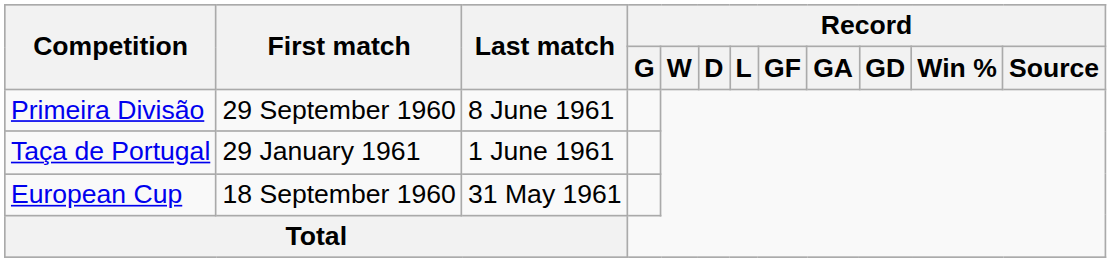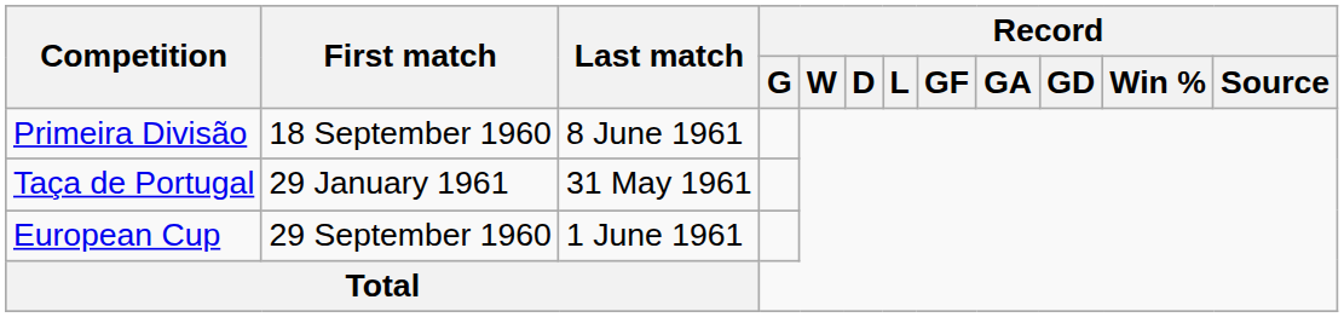 <table class="wikitable" style="text-align: center">
 <tr>
 <th rowspan="2">Competition</th>
 <th rowspan="2">First match</th>
 <th rowspan="2">Last match</th>
 <th colspan="9">Record</th>
 </tr>
 <tr>
 <th>G</th>
 <th>W</th>
 <th>D</th>
 <th>L</th>
 <th>GF</th>
 <th>GA</th>
 <th>GD</th>
 <th>Win %</th>
 <th>Source</th>
 </tr>
 <tr>
 <td align=left><a href='#'>Primeira Divisão</a></td>
-<td align=left>29 September 1960</td>
+<td align=left>18 September 1960</td>
 <td align=left>8 June 1961<br></td>
 <td align=left></td>
 </tr>
 <tr>
 <td align=left><a href='#'>Taça de Portugal</a></td>
 <td align=left>29 January 1961</td>
-<td align=left>1 June 1961<br></td>
+<td align=left>31 May 1961<br></td>
 <td align=left></td>
 </tr>
 <tr>
 <td align=left><a href='#'>European Cup</a></td>
-<td align=left>18 September 1960</td>
-<td align=left>31 May 1961<br></td>
+<td align=left>29 September 1960</td>
+<td align=left>1 June 1961<br></td>
 <td align=left></td>
 </tr>
 <tr>
 <th colspan="3">Total<br></th>
 </tr>
 </table>
